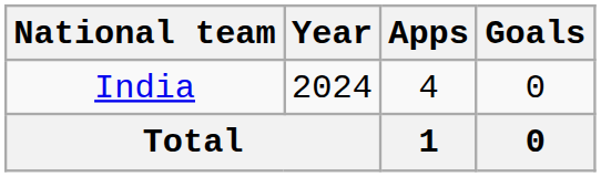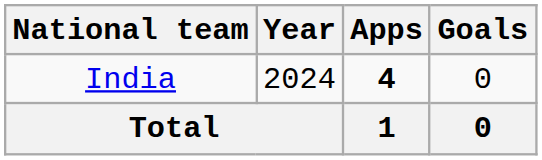 <table class="wikitable" style="text-align:center">
 <tr>
 <th>National team</th>
 <th>Year</th>
 <th>Apps</th>
 <th>Goals</th>
 </tr>
 <tr>
 <td rowspan="1"><a href='#'>India</a></td>
 <td>2024</td>
-<td>4</td>
+<td><strong>4</strong></td>
 <td>0</td>
 </tr>
 <tr>
 <th colspan="2">Total</th>
 <th>1</th>
 <th>0</th>
 </tr>
 </table>
